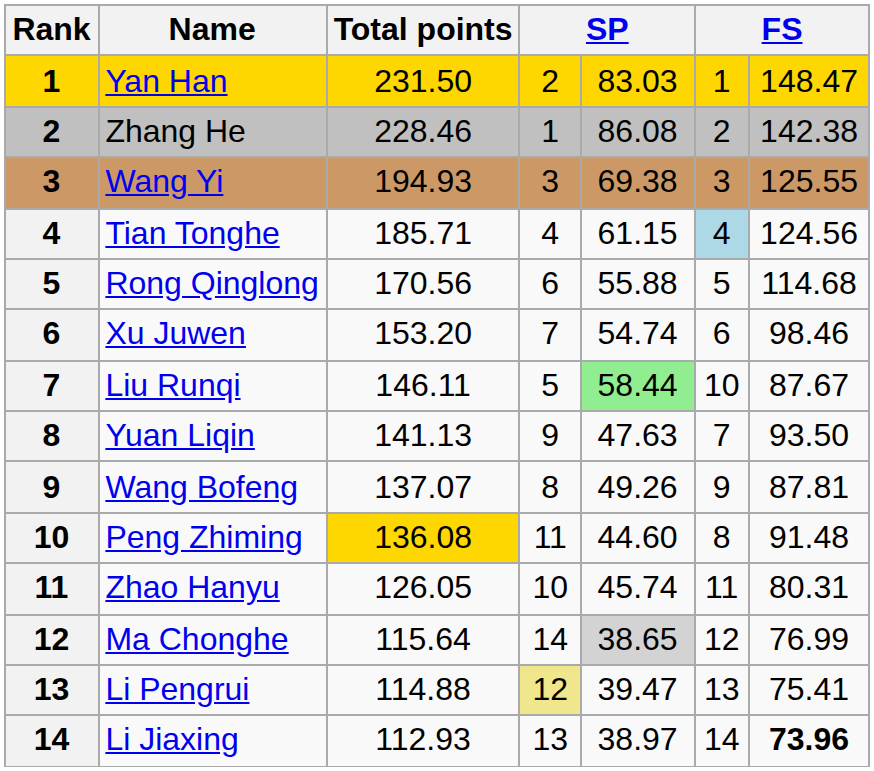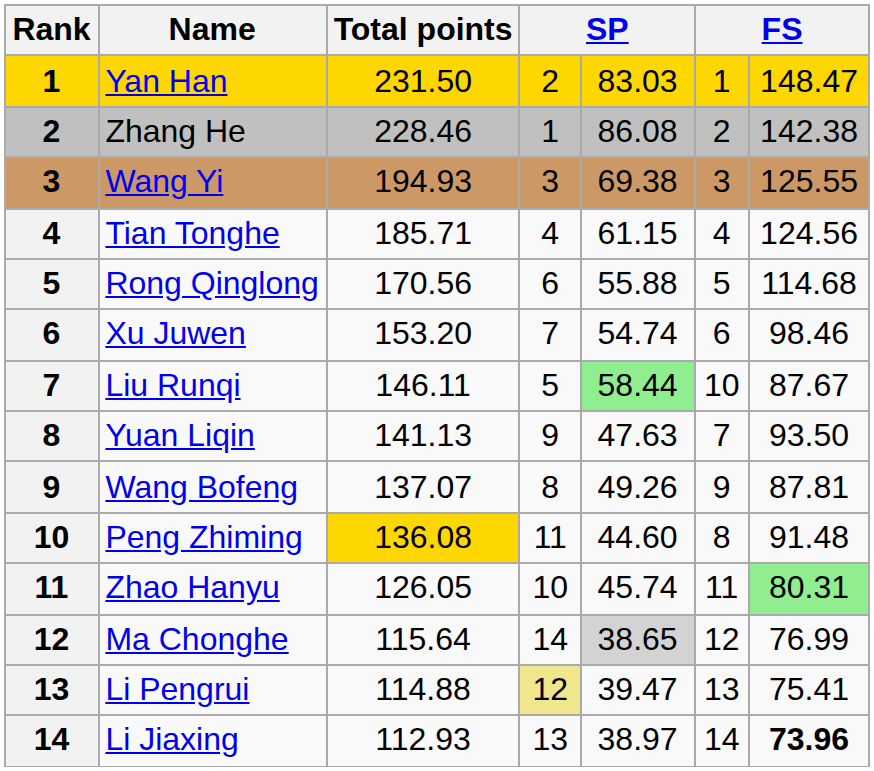 <table class="wikitable sortable">
 <tr>
 <th>Rank</th>
 <th>Name</th>
 <th>Total points</th>
 <th colspan="2" width="80px" align="center"><a href='#'>SP</a></th>
 <th colspan="2" width="80px" align="center"><a href='#'>FS</a></th>
 </tr>
 <tr bgcolor="gold">
 <td align="center" bgcolor="gold"><strong>1</strong></td>
 <td><a href='#'>Yan Han</a></td>
 <td align="center">231.50</td>
 <td align="center">2</td>
 <td align="center">83.03</td>
 <td align="center">1</td>
 <td align="center">148.47</td>
 </tr>
 <tr bgcolor="silver">
 <td align="center" bgcolor="silver"><strong>2</strong></td>
 <td>Zhang He</td>
 <td align="center">228.46</td>
 <td align="center">1</td>
 <td align="center">86.08</td>
 <td align="center">2</td>
 <td align="center">142.38</td>
 </tr>
 <tr bgcolor="cc9966">
 <td align="center" bgcolor="cc9966"><strong>3</strong></td>
 <td><a href='#'>Wang Yi</a></td>
 <td align="center">194.93</td>
 <td align="center">3</td>
 <td align="center">69.38</td>
 <td align="center">3</td>
 <td align="center">125.55</td>
 </tr>
 <tr>
 <th>4</th>
 <td><a href='#'>Tian Tonghe</a></td>
 <td align="center">185.71</td>
 <td align="center">4</td>
 <td align="center">61.15</td>
-<td align="center" style="background: lightblue;">4</td>
+<td align="center">4</td>
 <td align="center">124.56</td>
 </tr>
 <tr>
 <th>5</th>
 <td><a href='#'>Rong Qinglong</a></td>
 <td align="center">170.56</td>
 <td align="center">6</td>
 <td align="center">55.88</td>
 <td align="center">5</td>
 <td align="center">114.68</td>
 </tr>
 <tr>
 <th>6</th>
 <td><a href='#'>Xu Juwen</a></td>
 <td align="center">153.20</td>
 <td align="center">7</td>
 <td align="center">54.74</td>
 <td align="center">6</td>
 <td align="center">98.46</td>
 </tr>
 <tr>
 <th>7</th>
 <td><a href='#'>Liu Runqi</a></td>
 <td align="center">146.11</td>
 <td align="center">5</td>
 <td align="center" style="background: lightgreen;">58.44</td>
 <td align="center">10</td>
 <td align="center">87.67</td>
 </tr>
 <tr>
 <th>8</th>
 <td><a href='#'>Yuan Liqin</a></td>
 <td align="center">141.13</td>
 <td align="center">9</td>
 <td align="center">47.63</td>
 <td align="center">7</td>
 <td align="center">93.50</td>
 </tr>
 <tr>
 <th>9</th>
 <td><a href='#'>Wang Bofeng</a></td>
 <td align="center">137.07</td>
 <td align="center">8</td>
 <td align="center">49.26</td>
 <td align="center">9</td>
 <td align="center">87.81</td>
 </tr>
 <tr>
 <th>10</th>
 <td><a href='#'>Peng Zhiming</a></td>
 <td align="center" style="background: gold;">136.08</td>
 <td align="center">11</td>
 <td align="center">44.60</td>
 <td align="center">8</td>
 <td align="center">91.48</td>
 </tr>
 <tr>
 <th>11</th>
 <td><a href='#'>Zhao Hanyu</a></td>
 <td align="center">126.05</td>
 <td align="center">10</td>
 <td align="center">45.74</td>
 <td align="center">11</td>
-<td align="center">80.31</td>
+<td align="center" style="background: lightgreen;">80.31</td>
 </tr>
 <tr>
 <th>12</th>
 <td><a href='#'>Ma Chonghe</a></td>
 <td align="center">115.64</td>
 <td align="center">14</td>
 <td align="center" style="background: lightgrey;">38.65</td>
 <td align="center">12</td>
 <td align="center">76.99</td>
 </tr>
 <tr>
 <th>13</th>
 <td><a href='#'>Li Pengrui</a></td>
 <td align="center">114.88</td>
 <td align="center" style="background: khaki;">12</td>
 <td align="center">39.47</td>
 <td align="center">13</td>
 <td align="center">75.41</td>
 </tr>
 <tr>
 <th>14</th>
 <td><a href='#'>Li Jiaxing</a></td>
 <td align="center">112.93</td>
 <td align="center">13</td>
 <td align="center">38.97</td>
 <td align="center">14</td>
 <td align="center"><strong>73.96</strong></td>
 </tr>
 </table>
